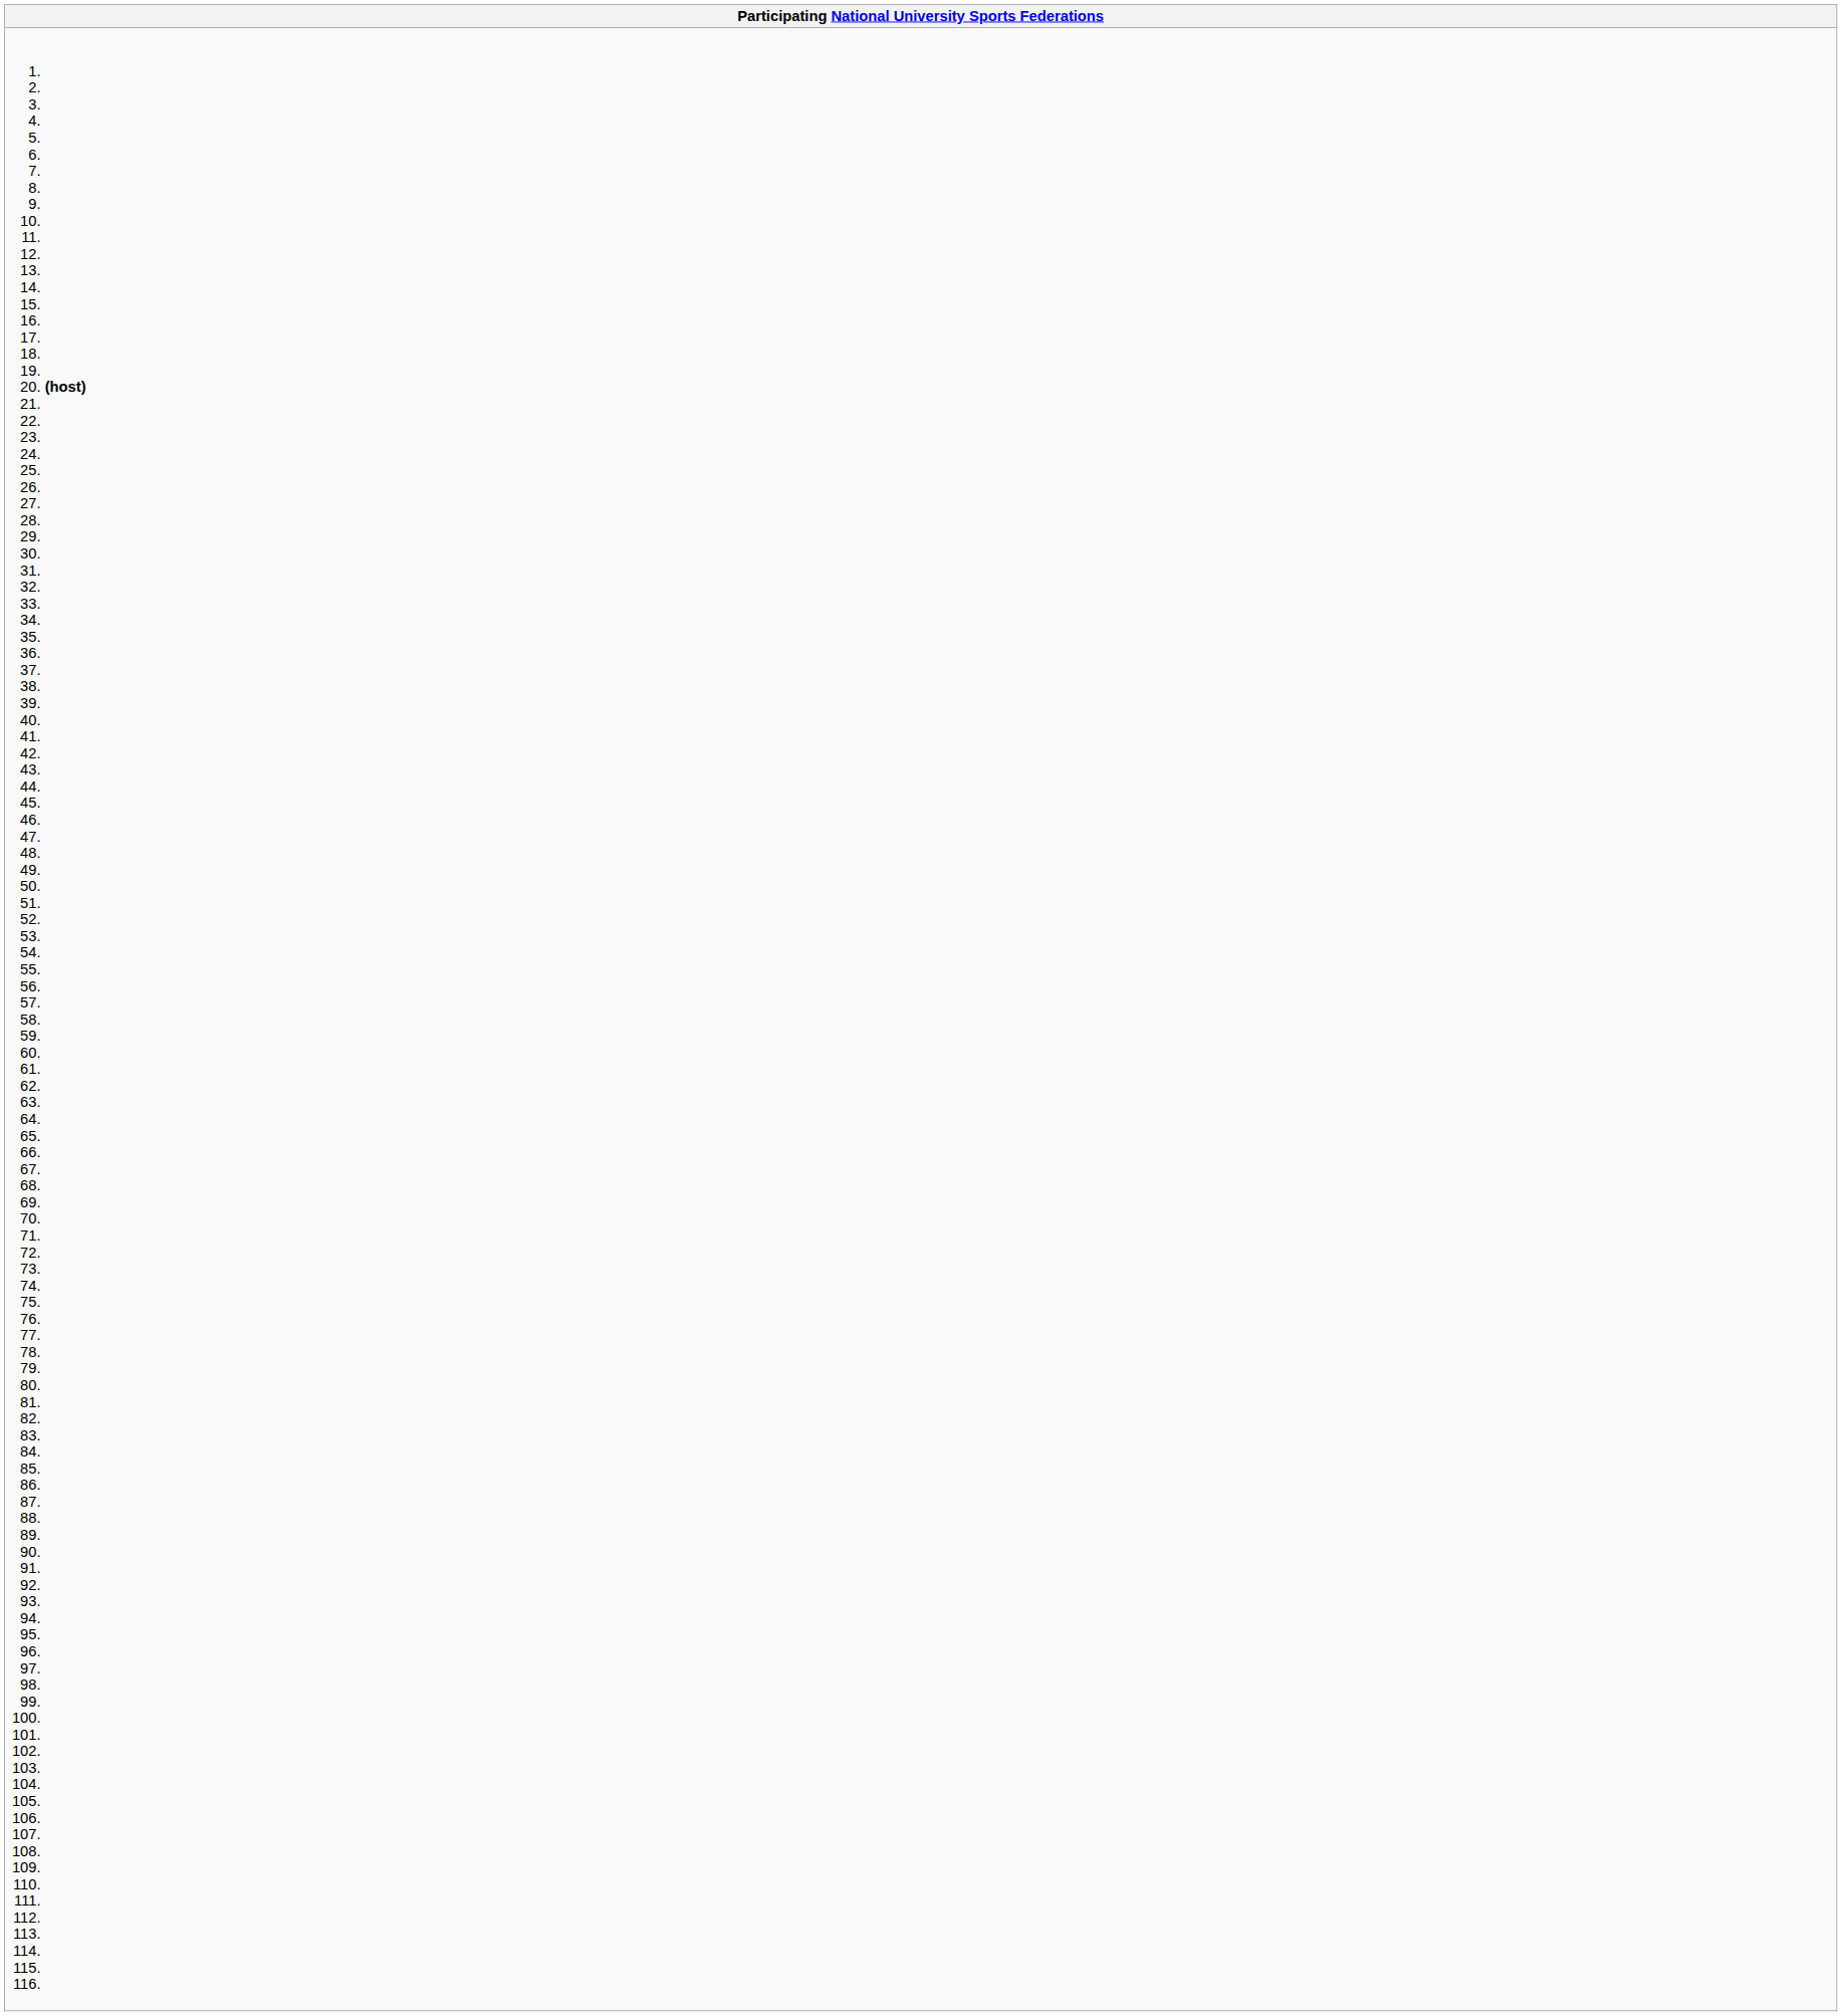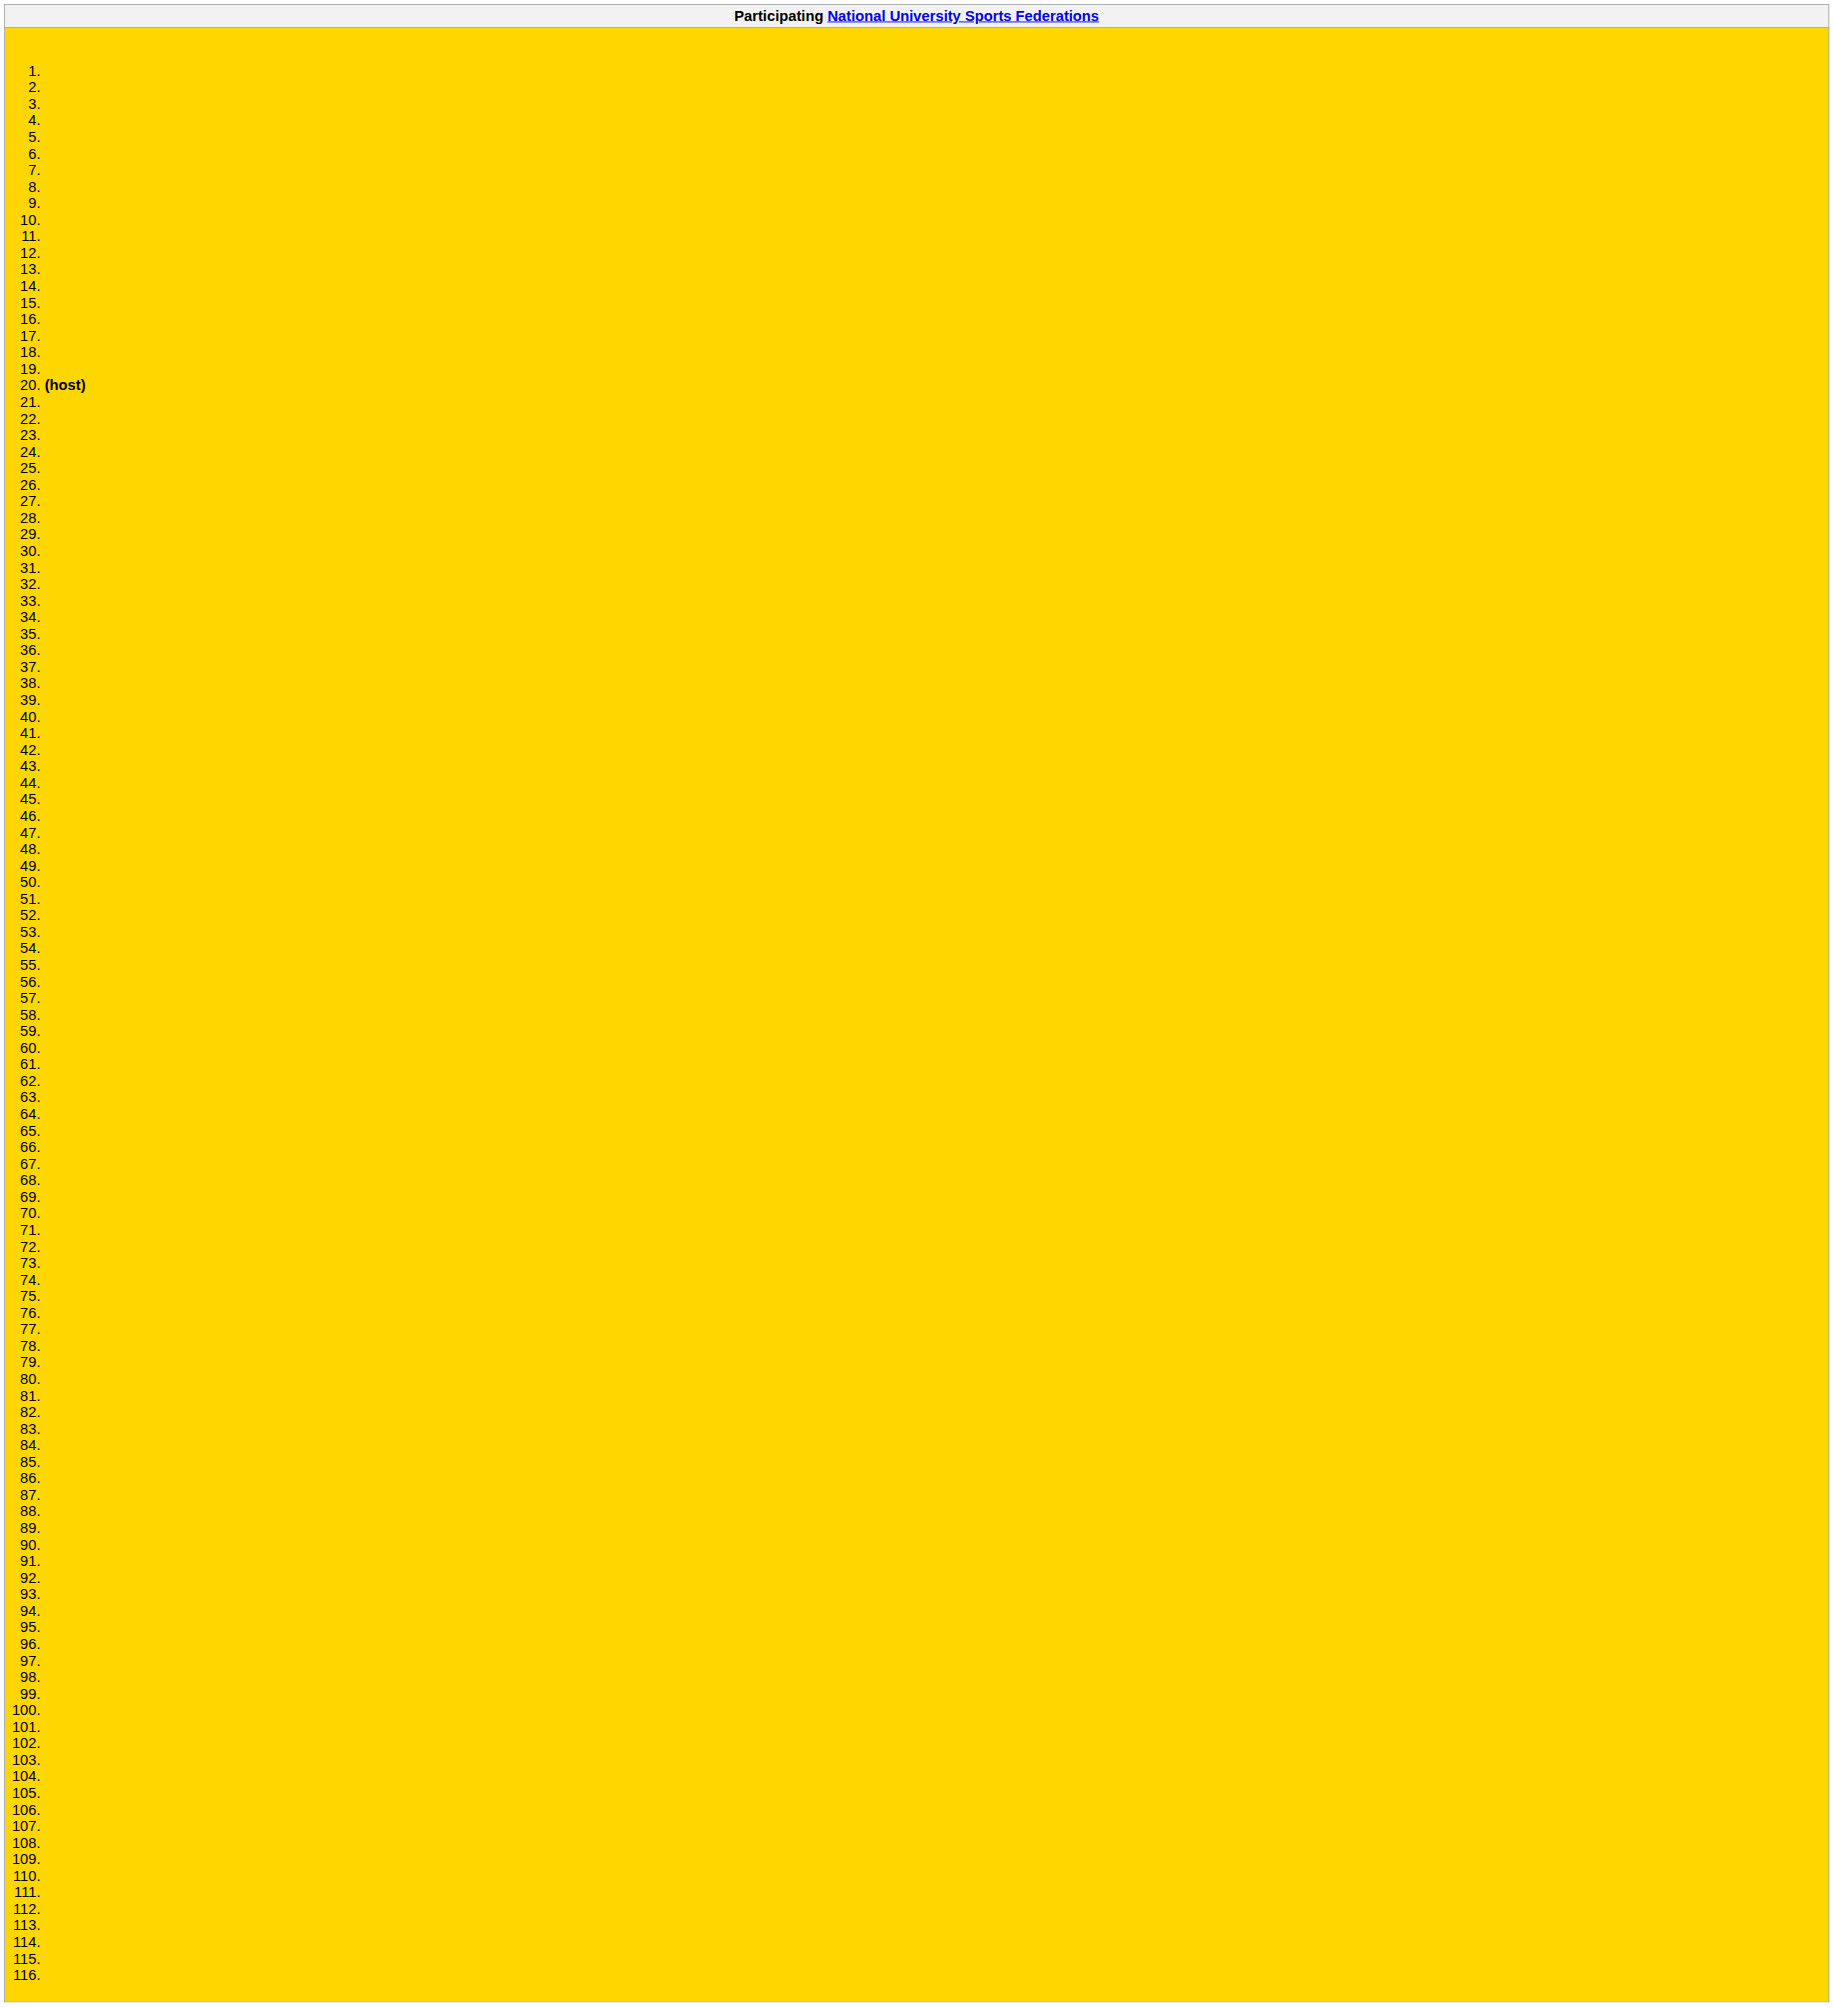 <table class="wikitable collapsible" style="width:100%;">
 <tr>
 <th>Participating <a href='#'>National University Sports Federations</a></th>
 </tr>
 <tr>
-<td><br><ol><li></li><li></li><li></li><li></li><li></li><li></li><li></li><li></li><li></li><li></li><li></li><li></li><li></li><li></li><li></li><li></li><li></li><li></li><li></li><li><strong> (host)</strong></li><li></li><li></li><li></li><li></li><li></li><li></li><li></li><li></li><li></li><li></li><li></li><li></li><li></li><li></li><li></li><li></li><li></li><li></li><li></li><li></li><li></li><li></li><li></li><li></li><li></li><li></li><li></li><li></li><li></li><li></li><li></li><li></li><li></li><li></li><li></li><li></li><li></li><li></li><li></li><li></li><li></li><li></li><li></li><li></li><li></li><li></li><li></li><li></li><li></li><li></li><li></li><li></li><li></li><li></li><li></li><li></li><li></li><li></li><li></li><li></li><li></li><li></li><li></li><li></li><li></li><li></li><li></li><li></li><li></li><li></li><li></li><li></li><li></li><li></li><li></li><li></li><li></li><li></li><li></li><li></li><li></li><li></li><li></li><li></li><li></li><li></li><li></li><li></li><li></li><li></li><li></li><li></li><li></li><li></li><li></li><li></li></ol></td>
+<td style="background: gold;"><br><ol><li></li><li></li><li></li><li></li><li></li><li></li><li></li><li></li><li></li><li></li><li></li><li></li><li></li><li></li><li></li><li></li><li></li><li></li><li></li><li><strong> (host)</strong></li><li></li><li></li><li></li><li></li><li></li><li></li><li></li><li></li><li></li><li></li><li></li><li></li><li></li><li></li><li></li><li></li><li></li><li></li><li></li><li></li><li></li><li></li><li></li><li></li><li></li><li></li><li></li><li></li><li></li><li></li><li></li><li></li><li></li><li></li><li></li><li></li><li></li><li></li><li></li><li></li><li></li><li></li><li></li><li></li><li></li><li></li><li></li><li></li><li></li><li></li><li></li><li></li><li></li><li></li><li></li><li></li><li></li><li></li><li></li><li></li><li></li><li></li><li></li><li></li><li></li><li></li><li></li><li></li><li></li><li></li><li></li><li></li><li></li><li></li><li></li><li></li><li></li><li></li><li></li><li></li><li></li><li></li><li></li><li></li><li></li><li></li><li></li><li></li><li></li><li></li><li></li><li></li><li></li><li></li><li></li><li></li></ol></td>
 </tr>
 </table>
